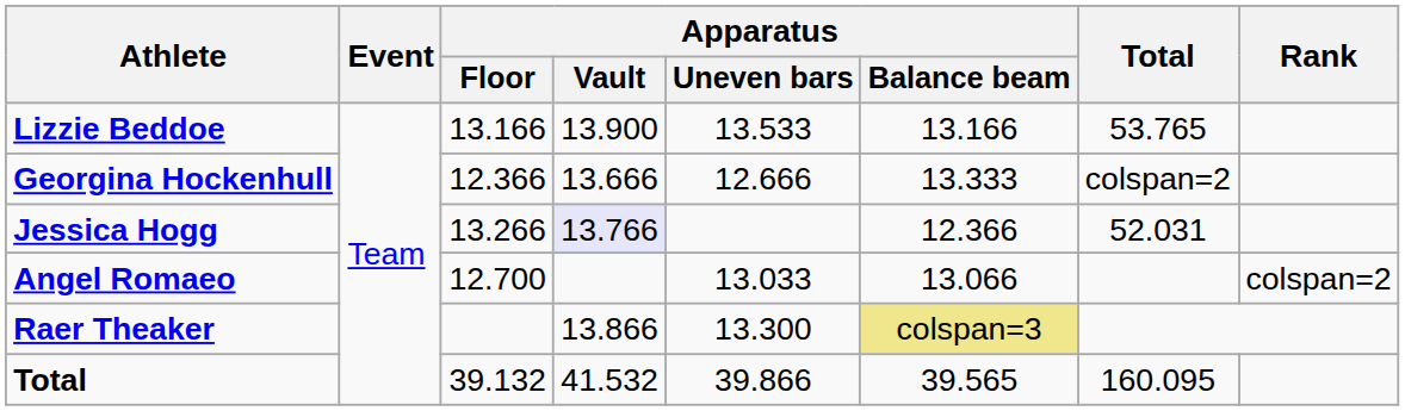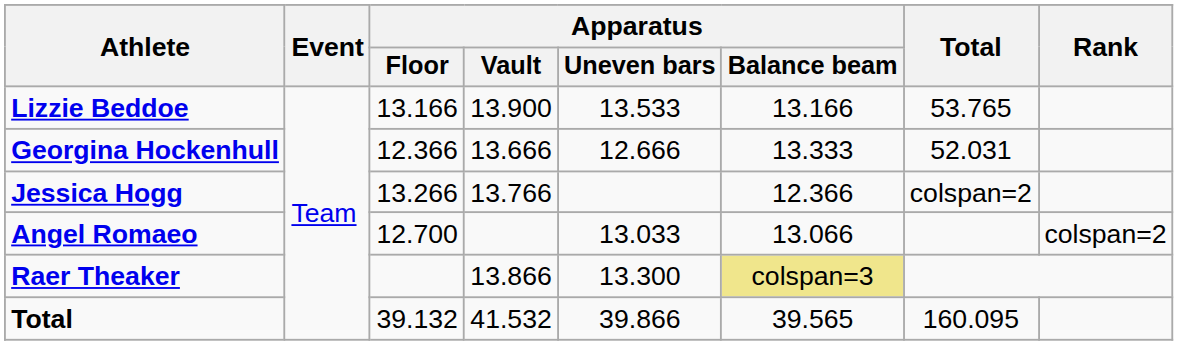 <table class="wikitable" style="font-size:90%">
 <tr>
 <th rowspan=2>Athlete</th>
 <th rowspan=2>Event</th>
 <th colspan=4>Apparatus</th>
 <th rowspan=2>Total</th>
 <th rowspan=2>Rank</th>
 </tr>
 <tr style="font-size:95%">
 <th>Floor</th>
 <th>Vault</th>
 <th>Uneven bars</th>
 <th>Balance beam</th>
 </tr>
 <tr align=center>
 <td align=left><strong><a href='#'>Lizzie Beddoe</a></strong></td>
 <td align=left rowspan=6><a href='#'>Team</a></td>
 <td>13.166</td>
 <td>13.900</td>
 <td>13.533</td>
 <td>13.166</td>
 <td>53.765</td>
 <td></td>
 </tr>
 <tr align=center>
 <td align=left><strong><a href='#'>Georgina Hockenhull</a></strong></td>
 <td>12.366</td>
 <td>13.666</td>
 <td>12.666</td>
 <td>13.333</td>
-<td>colspan=2 </td>
+<td>52.031</td>
 <td></td>
 </tr>
 <tr align=center>
 <td align=left><strong><a href='#'>Jessica Hogg</a></strong></td>
 <td>13.266</td>
-<td style="background: lavender;">13.766</td>
+<td>13.766</td>
 <td></td>
 <td>12.366</td>
-<td>52.031</td>
+<td>colspan=2 </td>
 </tr>
 <tr align=center>
 <td align=left><strong><a href='#'>Angel Romaeo</a></strong></td>
 <td>12.700</td>
 <td></td>
 <td>13.033</td>
 <td>13.066</td>
 <td></td>
 <td>colspan=2 </td>
 </tr>
 <tr align=center>
 <td align=left><strong><a href='#'>Raer Theaker</a></strong></td>
 <td></td>
 <td>13.866</td>
 <td>13.300</td>
 <td style="background: khaki;">colspan=3 </td>
 </tr>
 <tr align=center>
 <td align=left><strong>Total</strong></td>
 <td>39.132</td>
 <td>41.532</td>
 <td>39.866</td>
 <td>39.565</td>
 <td>160.095</td>
 <td></td>
 </tr>
 </table>
